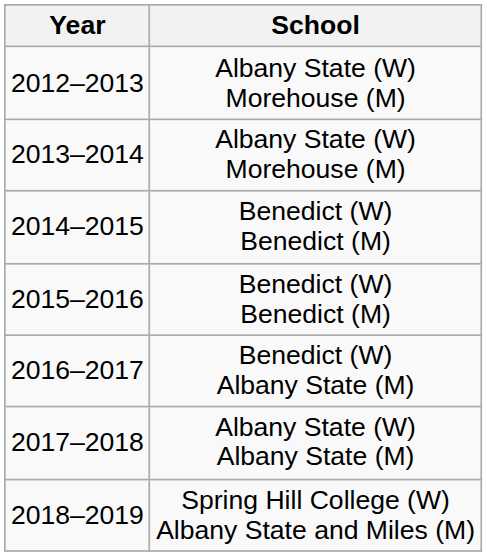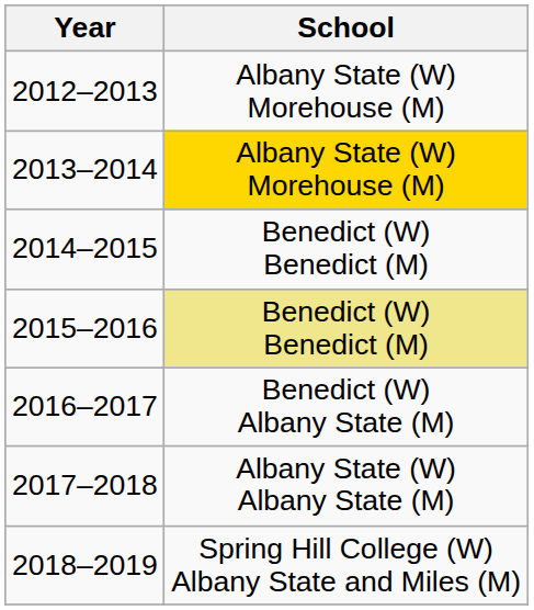 <table class="wikitable" style="text-align:center">
 <tr>
 <th>Year</th>
 <th>School</th>
 </tr>
 <tr>
 <td>2012–2013</td>
 <td>Albany State (W)<br>Morehouse (M)</td>
 </tr>
 <tr>
 <td>2013–2014</td>
-<td>Albany State (W)<br>Morehouse (M)</td>
+<td style="background: gold;">Albany State (W)<br>Morehouse (M)</td>
 </tr>
 <tr>
 <td>2014–2015</td>
 <td>Benedict (W)<br>Benedict (M)</td>
 </tr>
 <tr>
 <td>2015–2016</td>
-<td>Benedict (W)<br>Benedict (M)</td>
+<td style="background: khaki;">Benedict (W)<br>Benedict (M)</td>
 </tr>
 <tr>
 <td>2016–2017</td>
 <td>Benedict (W)<br>Albany State (M)</td>
 </tr>
 <tr>
 <td>2017–2018</td>
 <td>Albany State (W)<br>Albany State (M)</td>
 </tr>
 <tr>
 <td>2018–2019</td>
 <td>Spring Hill College (W)<br>Albany State and Miles (M)</td>
 </tr>
 </table>
